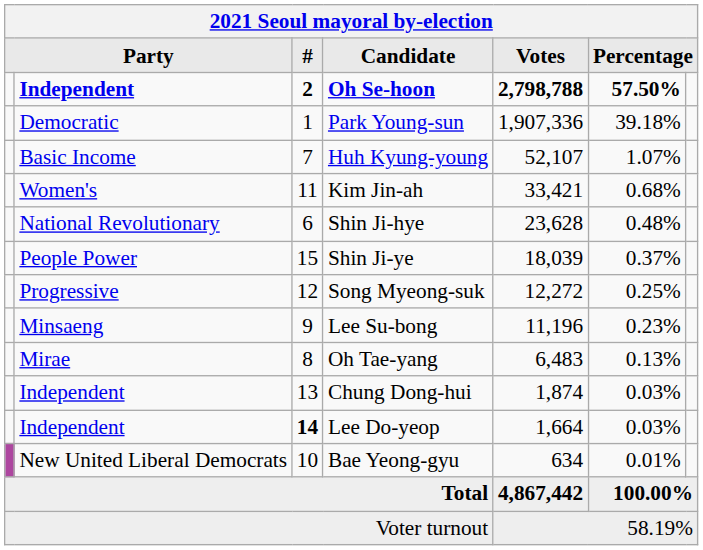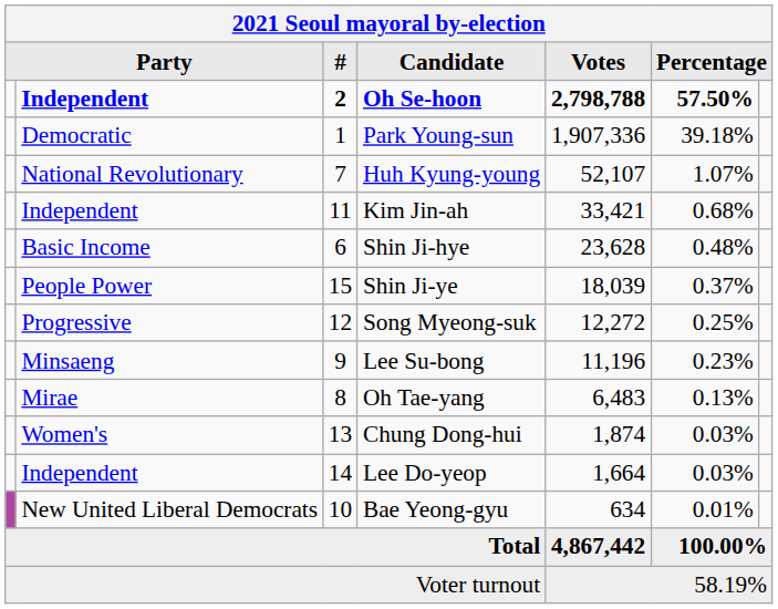 <table class="wikitable">
 <tr>
 <th colspan="7"><a href='#'>2021 Seoul mayoral by-election</a></th>
 </tr>
 <tr>
 <th style="background-color:#E9E9E9" colspan=2>Party</th>
 <th style="background-color:#E9E9E9">#</th>
 <th style="background-color:#E9E9E9">Candidate</th>
 <th style="background-color:#E9E9E9">Votes</th>
 <th style="background-color:#E9E9E9" colspan=2>Percentage</th>
 </tr>
 <tr style="font-weight:bold">
 <td></td>
 <td align=left><a href='#'>Independent</a></td>
 <td align=center>2</td>
 <td align=left><a href='#'>Oh Se-hoon</a></td>
 <td align=right>2,798,788</td>
 <td align=right>57.50%</td>
 <td align=right></td>
 </tr>
 <tr>
 <td></td>
 <td align=left><a href='#'>Democratic</a></td>
 <td align=center>1</td>
 <td align=left><a href='#'>Park Young-sun</a></td>
 <td align=right>1,907,336</td>
 <td align=right>39.18%</td>
 <td align=right></td>
 </tr>
 <tr>
 <td></td>
-<td align=left><a href='#'>Basic Income</a></td>
+<td align=left><a href='#'>National Revolutionary</a></td>
 <td align=center>7</td>
 <td align=left><a href='#'>Huh Kyung-young</a></td>
 <td align=right>52,107</td>
 <td align=right>1.07%</td>
 <td align=right></td>
 </tr>
 <tr>
 <td></td>
-<td align=left><a href='#'>Women's</a></td>
+<td align=left><a href='#'>Independent</a></td>
 <td align=center>11</td>
 <td align=left>Kim Jin-ah</td>
 <td align=right>33,421</td>
 <td align=right>0.68%</td>
 <td align=right></td>
 </tr>
 <tr>
 <td></td>
-<td align=left><a href='#'>National Revolutionary</a></td>
+<td align=left><a href='#'>Basic Income</a></td>
 <td align=center>6</td>
 <td align=left>Shin Ji-hye</td>
 <td align=right>23,628</td>
 <td align=right>0.48%</td>
 <td align=right></td>
 </tr>
 <tr>
 <td></td>
 <td align=left><a href='#'>People Power</a></td>
 <td align=center>15</td>
 <td align=left>Shin Ji-ye</td>
 <td align=right>18,039</td>
 <td align=right>0.37%</td>
 <td align=right></td>
 </tr>
 <tr>
 <td></td>
 <td align=left><a href='#'>Progressive</a></td>
 <td align=center>12</td>
 <td align=left>Song Myeong-suk</td>
 <td align=right>12,272</td>
 <td align=right>0.25%</td>
 <td align=right></td>
 </tr>
 <tr>
 <td></td>
 <td align=left><a href='#'>Minsaeng</a></td>
 <td align=center>9</td>
 <td align=left>Lee Su-bong</td>
 <td align=right>11,196</td>
 <td align=right>0.23%</td>
 <td align=right></td>
 </tr>
 <tr>
 <td></td>
 <td align=left><a href='#'>Mirae</a></td>
 <td align=center>8</td>
 <td align=left>Oh Tae-yang</td>
 <td align=right>6,483</td>
 <td align=right>0.13%</td>
 <td align=right></td>
 </tr>
 <tr>
 <td></td>
-<td align=left><a href='#'>Independent</a></td>
+<td align=left><a href='#'>Women's</a></td>
 <td align=center>13</td>
 <td align=left>Chung Dong-hui</td>
 <td align=right>1,874</td>
 <td align=right>0.03%</td>
 <td align=right></td>
 </tr>
 <tr>
 <td></td>
 <td align=left><a href='#'>Independent</a></td>
-<td align=center><strong>14</strong></td>
+<td align=center>14</td>
 <td align=left>Lee Do-yeop</td>
 <td align=right>1,664</td>
 <td align=right>0.03%</td>
 <td align=right></td>
 </tr>
 <tr>
 <td bgcolor="#AD469F"></td>
 <td align=left>New United Liberal Democrats</td>
 <td align=center>10</td>
 <td align=left>Bae Yeong-gyu</td>
 <td align=right>634</td>
 <td align=right>0.01%</td>
 <td align=right></td>
 </tr>
 <tr bgcolor="#EEEEEE" style="font-weight:bold">
 <td colspan="4" align=right>Total</td>
 <td align=right>4,867,442</td>
 <td align=right colspan=2>100.00%</td>
 </tr>
 <tr bgcolor="#EEEEEE">
 <td colspan="4" align="right">Voter turnout</td>
 <td colspan="3" align="right">58.19%</td>
 </tr>
 </table>
